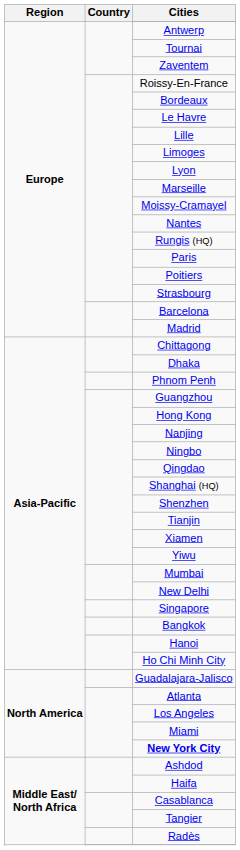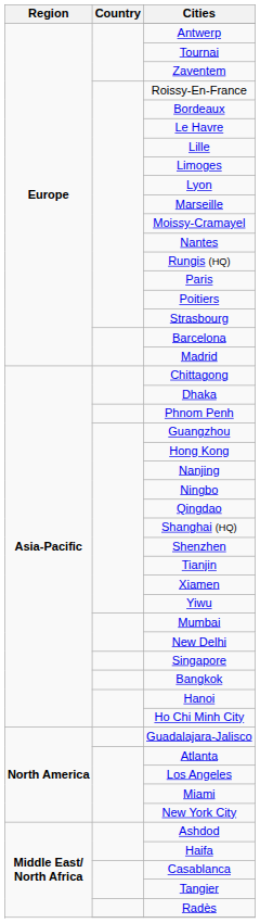 <table class="wikitable non-sortable mw-collapsible mw-collapsed">
 <tr>
 <th>Region</th>
 <th>Country</th>
 <th>Cities</th>
 </tr>
 <tr>
 <td style="text-align:center;" rowspan="19"><strong>Europe</strong></td>
 <td rowspan="4"></td>
 </tr>
 <tr>
 <td style="text-align:center;"><a href='#'>Antwerp</a></td>
 </tr>
 <tr>
 <td style="text-align:center;"><a href='#'>Tournai</a></td>
 </tr>
 <tr>
 <td style="text-align:center;"><a href='#'>Zaventem</a></td>
 </tr>
 <tr>
 <td rowspan="13"></td>
 <td style="text-align:center;">Roissy-En-France</td>
 </tr>
 <tr>
 <td style="text-align:center;"><a href='#'>Bordeaux</a></td>
 </tr>
 <tr>
 <td style="text-align:center;"><a href='#'>Le Havre</a></td>
 </tr>
 <tr>
 <td style="text-align:center;"><a href='#'>Lille</a></td>
 </tr>
 <tr>
 <td style="text-align:center;"><a href='#'>Limoges</a></td>
 </tr>
 <tr>
 <td style="text-align:center;"><a href='#'>Lyon</a></td>
 </tr>
 <tr>
 <td style="text-align:center;"><a href='#'>Marseille</a></td>
 </tr>
 <tr>
 <td style="text-align:center;"><a href='#'>Moissy-Cramayel</a></td>
 </tr>
 <tr>
 <td style="text-align:center;"><a href='#'>Nantes</a></td>
 </tr>
 <tr>
 <td style="text-align:center;"><a href='#'>Rungis</a> <small>(HQ)</small></td>
 </tr>
 <tr>
 <td style="text-align:center;"><a href='#'>Paris</a></td>
 </tr>
 <tr>
 <td style="text-align:center;"><a href='#'>Poitiers</a></td>
 </tr>
 <tr>
 <td style="text-align:center;"><a href='#'>Strasbourg</a></td>
 </tr>
 <tr>
 <td rowspan="2"></td>
 <td style="text-align:center;"><a href='#'>Barcelona</a></td>
 </tr>
 <tr>
 <td style="text-align:center;"><a href='#'>Madrid</a></td>
 </tr>
 <tr>
 <td style="text-align:center;" rowspan="19"><strong>Asia-Pacific</strong></td>
 <td rowspan="2"></td>
 <td style="text-align:center;"><a href='#'>Chittagong</a></td>
 </tr>
 <tr>
 <td style="text-align:center;"><a href='#'>Dhaka</a></td>
 </tr>
 <tr>
 <td rowspan="1"></td>
 <td style="text-align:center;"><a href='#'>Phnom Penh</a></td>
 </tr>
 <tr>
 <td rowspan="10"></td>
 <td style="text-align:center;"><a href='#'>Guangzhou</a></td>
 </tr>
 <tr>
 <td style="text-align:center;"><a href='#'>Hong Kong</a></td>
 </tr>
 <tr>
 <td style="text-align:center;"><a href='#'>Nanjing</a></td>
 </tr>
 <tr>
 <td style="text-align:center;"><a href='#'>Ningbo</a></td>
 </tr>
 <tr>
 <td style="text-align:center;"><a href='#'>Qingdao</a></td>
 </tr>
 <tr>
 <td style="text-align:center;"><a href='#'>Shanghai</a> <small>(HQ)</small></td>
 </tr>
 <tr>
 <td style="text-align:center;"><a href='#'>Shenzhen</a></td>
 </tr>
 <tr>
 <td style="text-align:center;"><a href='#'>Tianjin</a></td>
 </tr>
 <tr>
 <td style="text-align:center;"><a href='#'>Xiamen</a></td>
 </tr>
 <tr>
 <td style="text-align:center;"><a href='#'>Yiwu</a></td>
 </tr>
 <tr>
 <td rowspan="2"></td>
 <td style="text-align:center;"><a href='#'>Mumbai</a></td>
 </tr>
 <tr>
 <td style="text-align:center;"><a href='#'>New Delhi</a></td>
 </tr>
 <tr>
 <td rowspan="1"></td>
 <td style="text-align:center;"><a href='#'>Singapore</a></td>
 </tr>
 <tr>
 <td rowspan="1"></td>
 <td style="text-align:center;"><a href='#'>Bangkok</a></td>
 </tr>
 <tr>
 <td rowspan="2"></td>
 <td style="text-align:center;"><a href='#'>Hanoi</a></td>
 </tr>
 <tr>
 <td style="text-align:center;"><a href='#'>Ho Chi Minh City</a></td>
 </tr>
 <tr>
 <td style="text-align:center;" rowspan="5"><strong>North America</strong></td>
 <td rowspan="1"></td>
 <td style="text-align:center;"><a href='#'>Guadalajara-Jalisco</a></td>
 </tr>
 <tr>
 <td rowspan="4"></td>
 <td style="text-align:center;"><a href='#'>Atlanta</a></td>
 </tr>
 <tr>
 <td style="text-align:center;"><a href='#'>Los Angeles</a></td>
 </tr>
 <tr>
 <td style="text-align:center;"><a href='#'>Miami</a></td>
 </tr>
 <tr>
-<td style="text-align:center;"><strong><a href='#'>New York City</a></strong></td>
+<td style="text-align:center;"><a href='#'>New York City</a></td>
 </tr>
 <tr>
 <td style="text-align:center;" rowspan="7"><strong>Middle East/<br>North Africa</strong></td>
 <td rowspan="2"></td>
 <td style="text-align:center;"><a href='#'>Ashdod</a></td>
 </tr>
 <tr>
 <td style="text-align:center;"><a href='#'>Haifa</a></td>
 </tr>
 <tr>
 <td rowspan="2"></td>
 <td style="text-align:center;"><a href='#'>Casablanca</a></td>
 </tr>
 <tr>
 <td style="text-align:center;"><a href='#'>Tangier</a></td>
 </tr>
 <tr>
 <td rowspan="1"></td>
 <td style="text-align:center;"><a href='#'>Radès</a></td>
 </tr>
 <tr>
 </tr>
 </table>
